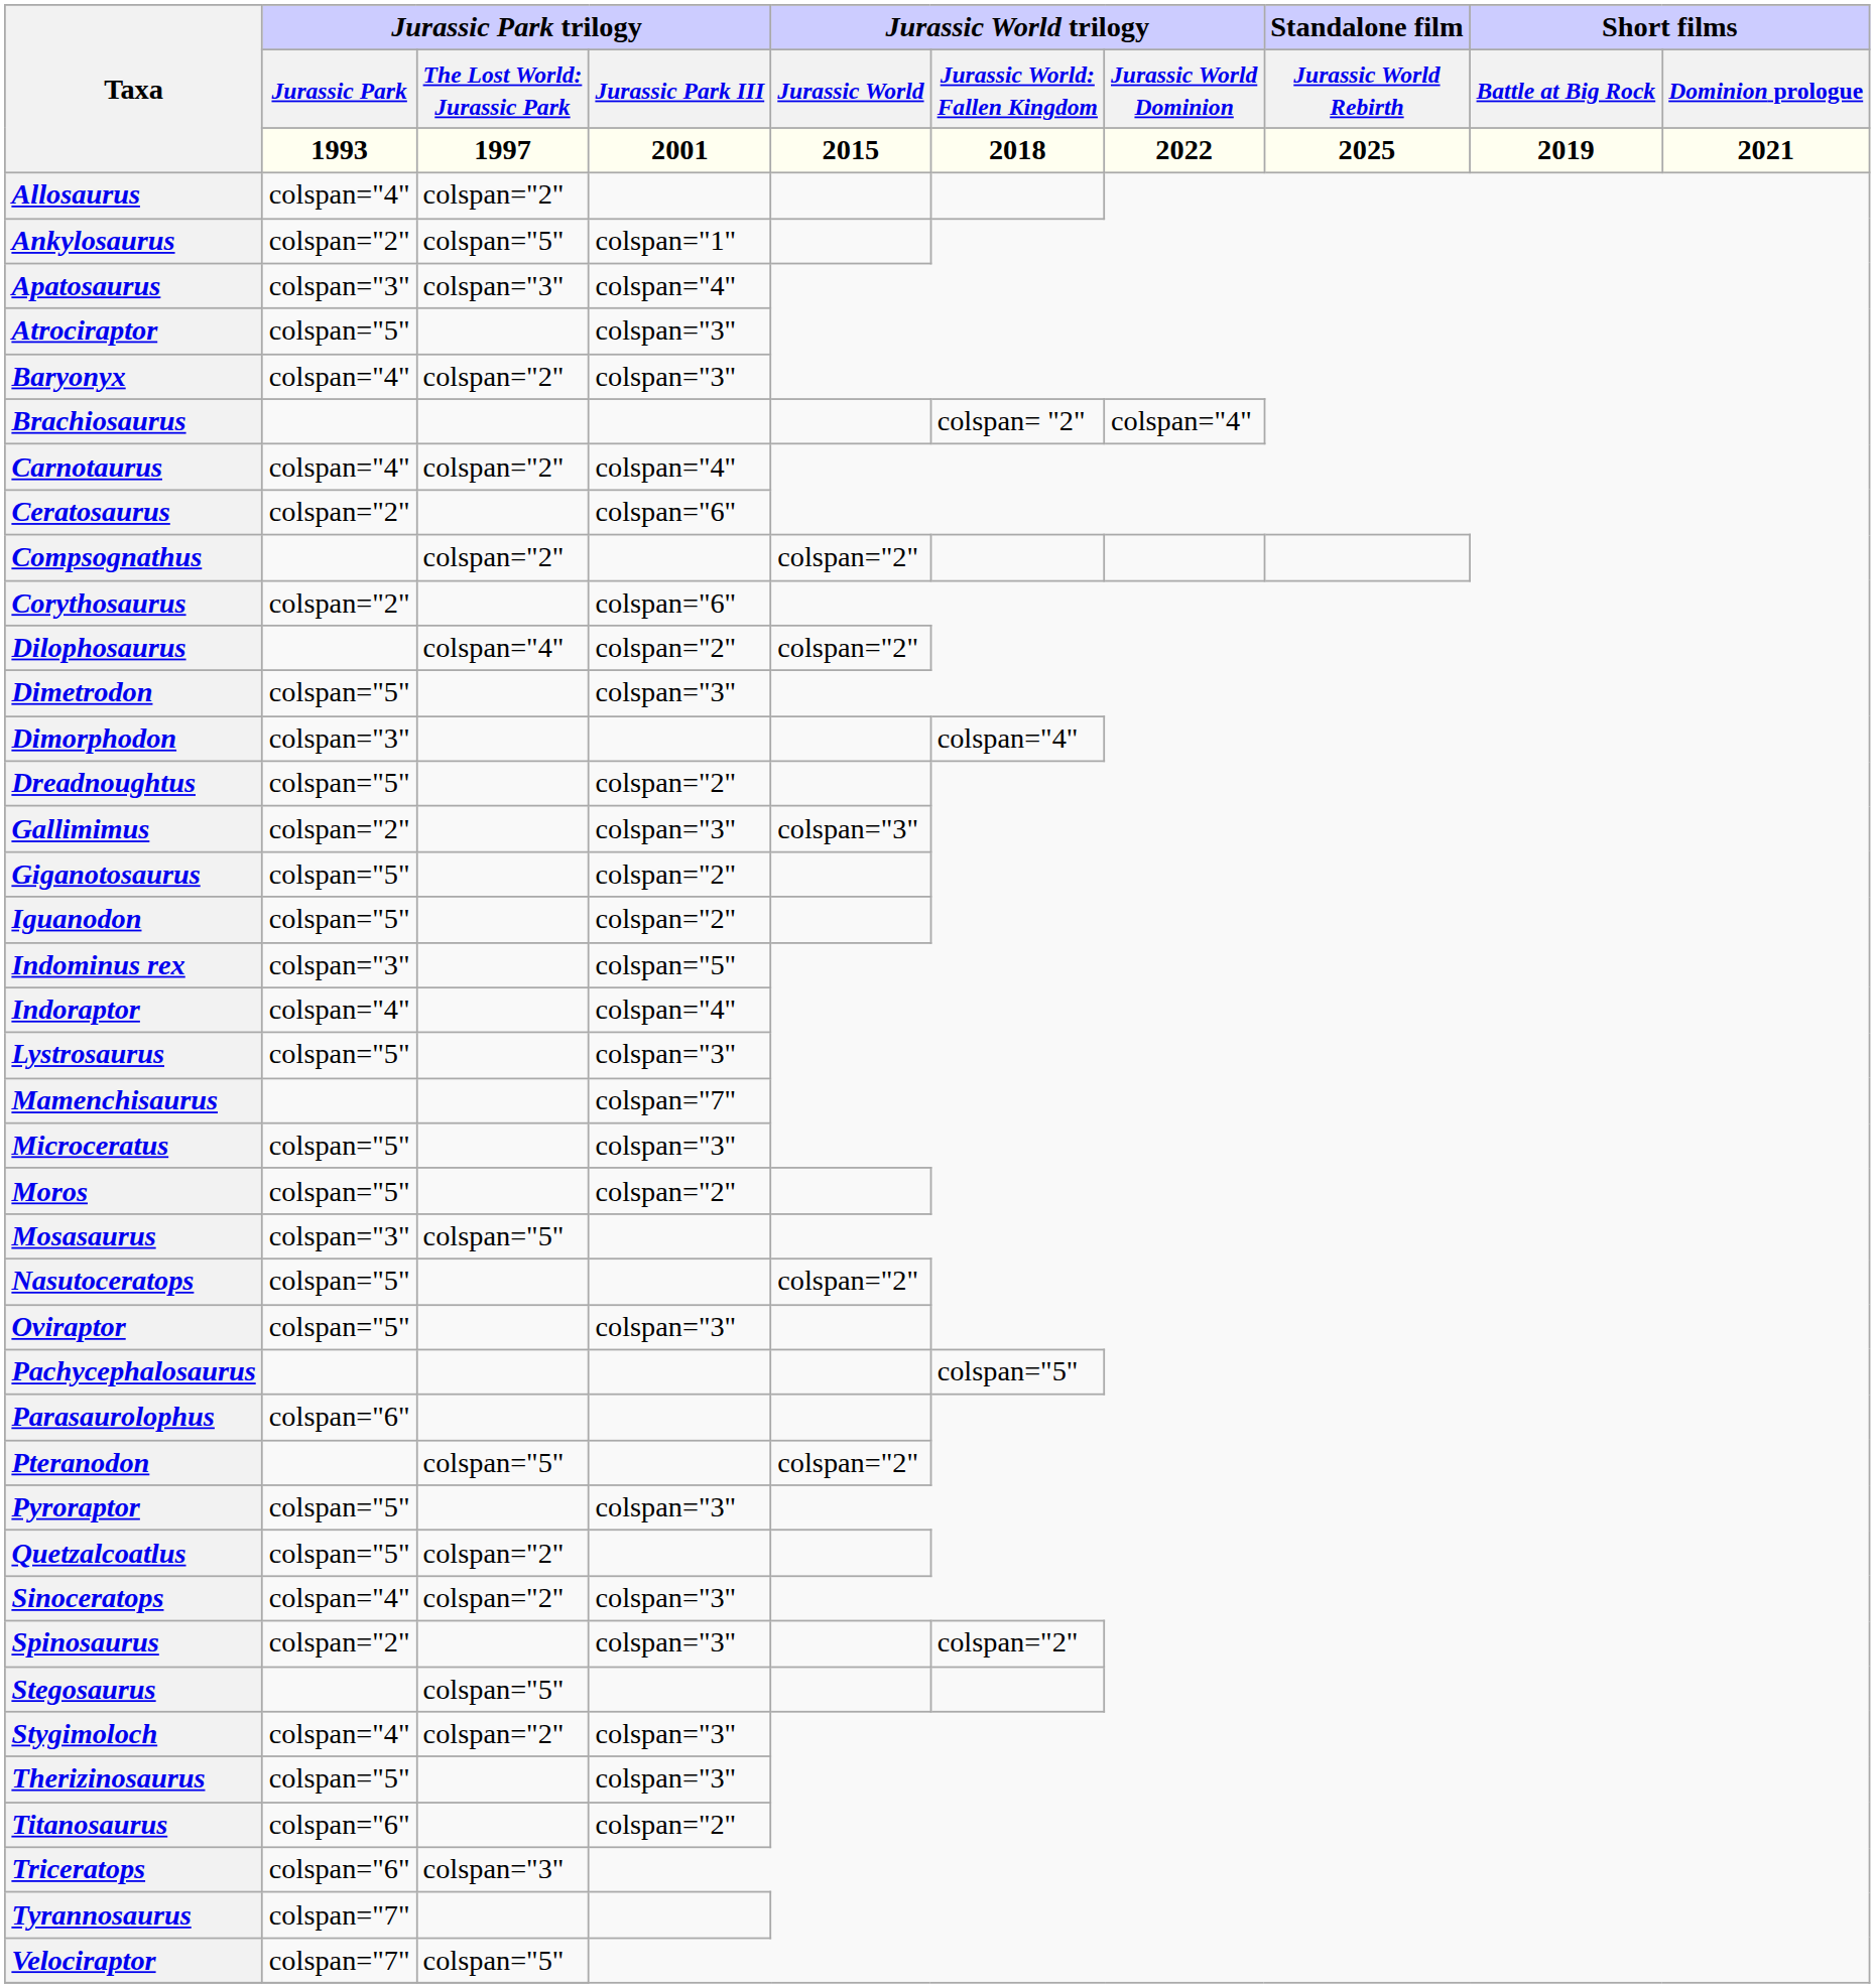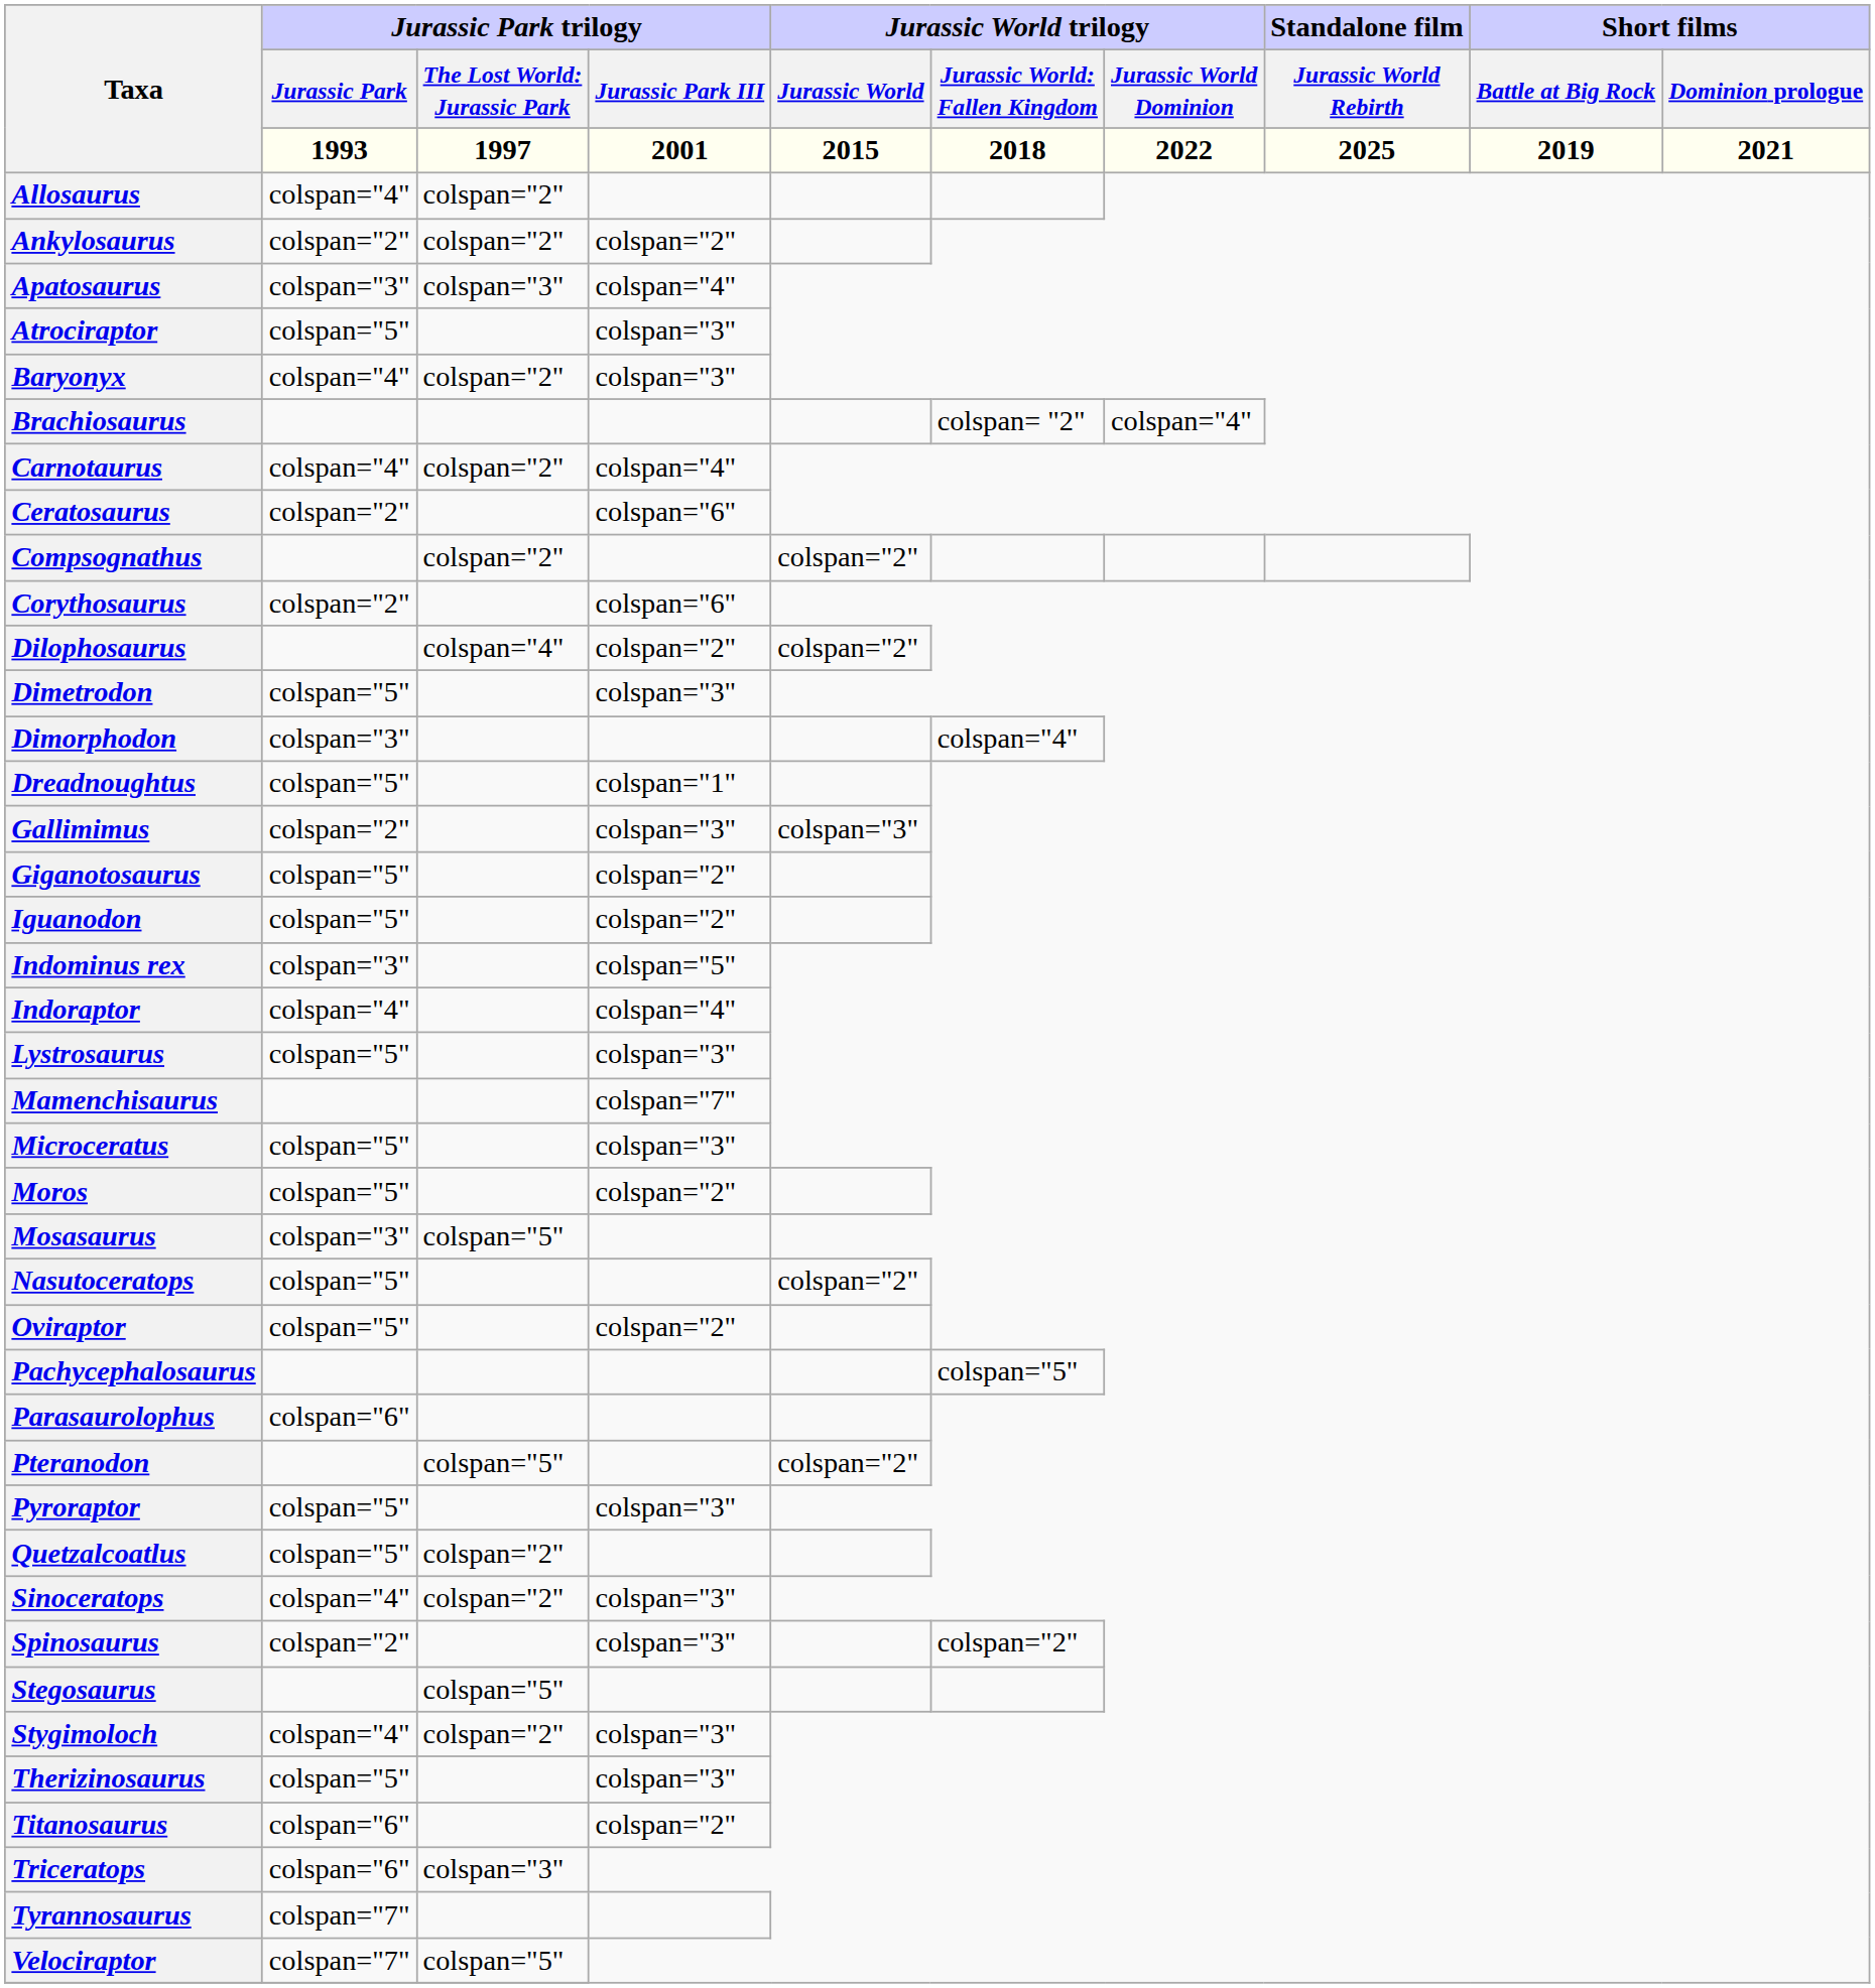 <table class="wikitable sortable">
 <tr>
 <th rowspan="3">Taxa</th>
 <th colspan="3" align="center" style="background-color:#ccccff;"><em>Jurassic Park</em> trilogy</th>
 <th colspan="3" align="center" style="background-color:#ccccff;"><em>Jurassic World</em> trilogy</th>
 <th colspan="1" align="center" style="background-color:#ccccff;">Standalone film</th>
 <th colspan="2" align="center" style="background-color:#ccccff;">Short films<br></th>
 </tr>
 <tr>
 <th align="center"><small><a href='#'><em>Jurassic Park</em></a></small></th>
 <th align="center"><small><a href='#'><em>The Lost World:<br>Jurassic Park</em></a></small></th>
 <th align="center"><small><em><a href='#'>Jurassic Park III</a></em></small></th>
 <th align="center"><small><em><a href='#'>Jurassic World</a></em></small></th>
 <th align="center"><small><a href='#'><em>Jurassic World:<br>Fallen Kingdom</em></a></small></th>
 <th align="center"><small><a href='#'><em>Jurassic World<br>Dominion</em></a></small></th>
 <th align="center"><small><a href='#'><em>Jurassic World<br>Rebirth</em></a></small></th>
 <th align="center"><small><em><a href='#'>Battle at Big Rock</a></em></small></th>
 <th align="center"><small><a href='#'><em>Dominion</em> prologue</a></small></th>
 </tr>
 <tr>
 <th style="background:ivory;">1993</th>
 <th style="background:ivory;">1997</th>
 <th style="background:ivory;">2001</th>
 <th style="background:ivory;">2015</th>
 <th style="background:ivory;">2018</th>
 <th style="background:ivory;">2022</th>
 <th style="background:ivory;">2025</th>
 <th style="background:ivory;">2019</th>
 <th style="background:ivory;">2021</th>
 </tr>
 <tr>
 <th style="text-align: left"><em><a href='#'>Allosaurus</a></em></th>
 <td>colspan="4" </td>
 <td>colspan="2" </td>
 <td></td>
 <td></td>
 <td></td>
 </tr>
 <tr>
 <th style="text-align: left"><em><a href='#'>Ankylosaurus</a></em></th>
 <td>colspan="2" </td>
-<td>colspan="5" </td>
-<td>colspan="1" </td>
+<td>colspan="2" </td>
+<td>colspan="2" </td>
 <td></td>
 </tr>
 <tr>
 <th style="text-align: left"><em><a href='#'>Apatosaurus</a></em></th>
 <td>colspan="3" </td>
 <td>colspan="3" </td>
 <td>colspan="4" </td>
 </tr>
 <tr>
 <th style="text-align: left"><em><a href='#'>Atrociraptor</a></em></th>
 <td>colspan="5" </td>
 <td></td>
 <td>colspan="3" </td>
 </tr>
 <tr>
 <th style="text-align: left"><em><a href='#'>Baryonyx</a></em></th>
 <td>colspan="4" </td>
 <td>colspan="2" </td>
 <td>colspan="3" </td>
 </tr>
 <tr>
 <th style="text-align: left"><em><a href='#'>Brachiosaurus</a></em></th>
 <td></td>
 <td></td>
 <td></td>
 <td></td>
 <td>colspan= "2" </td>
 <td>colspan="4" </td>
 </tr>
 <tr>
 <th style="text-align: left"><em><a href='#'>Carnotaurus</a></em></th>
 <td>colspan="4" </td>
 <td>colspan="2" </td>
 <td>colspan="4" </td>
 </tr>
 <tr>
 <th style="text-align: left"><em><a href='#'>Ceratosaurus</a></em></th>
 <td>colspan="2" </td>
 <td></td>
 <td>colspan="6" </td>
 </tr>
 <tr>
 <th style="text-align: left"><em><a href='#'>Compsognathus</a></em></th>
 <td></td>
 <td>colspan="2" </td>
 <td></td>
 <td>colspan="2" </td>
 <td></td>
 <td></td>
 <td></td>
 </tr>
 <tr>
 <th style="text-align: left"><em><a href='#'>Corythosaurus</a></em></th>
 <td>colspan="2" </td>
 <td></td>
 <td>colspan="6" </td>
 </tr>
 <tr>
 <th style="text-align: left"><em><a href='#'>Dilophosaurus</a></em></th>
 <td></td>
 <td>colspan="4" </td>
 <td>colspan="2" </td>
 <td>colspan="2" </td>
 </tr>
 <tr>
 <th style="text-align: left"><em><a href='#'>Dimetrodon</a></em></th>
 <td>colspan="5" </td>
 <td></td>
 <td>colspan="3" </td>
 </tr>
 <tr>
 <th style="text-align: left"><em><a href='#'>Dimorphodon</a></em></th>
 <td>colspan="3" </td>
 <td></td>
 <td></td>
 <td></td>
 <td>colspan="4" </td>
 </tr>
 <tr>
 <th style="text-align: left"><em><a href='#'>Dreadnoughtus</a></em></th>
 <td>colspan="5" </td>
 <td></td>
-<td>colspan="2" </td>
+<td>colspan="1" </td>
 <td></td>
 </tr>
 <tr>
 <th style="text-align: left"><em><a href='#'>Gallimimus</a></em></th>
 <td>colspan="2" </td>
 <td></td>
 <td>colspan="3" </td>
 <td>colspan="3" </td>
 </tr>
 <tr>
 <th style="text-align: left"><em><a href='#'>Giganotosaurus</a></em></th>
 <td>colspan="5" </td>
 <td></td>
 <td>colspan="2" </td>
 <td></td>
 </tr>
 <tr>
 <th style="text-align: left"><em><a href='#'>Iguanodon</a></em></th>
 <td>colspan="5" </td>
 <td></td>
 <td>colspan="2" </td>
 <td></td>
 </tr>
 <tr>
 <th style="text-align: left"><em><a href='#'>Indominus rex</a></em></th>
 <td>colspan="3" </td>
 <td></td>
 <td>colspan="5" </td>
 </tr>
 <tr>
 <th style="text-align: left"><a href='#'><em>Indoraptor</em></a></th>
 <td>colspan="4" </td>
 <td></td>
 <td>colspan="4" </td>
 </tr>
 <tr>
 <th style="text-align: left"><em><a href='#'>Lystrosaurus</a></em></th>
 <td>colspan="5" </td>
 <td></td>
 <td>colspan="3" </td>
 </tr>
 <tr>
 <th style="text-align: left"><em><a href='#'>Mamenchisaurus</a></em></th>
 <td></td>
 <td></td>
 <td>colspan="7" </td>
 </tr>
 <tr>
 <th style="text-align: left"><em><a href='#'>Microceratus</a></em></th>
 <td>colspan="5" </td>
 <td></td>
 <td>colspan="3" </td>
 </tr>
 <tr>
 <th style="text-align: left"><em><a href='#'>Moros</a></em></th>
 <td>colspan="5" </td>
 <td></td>
 <td>colspan="2" </td>
 <td></td>
 </tr>
 <tr>
 <th style="text-align: left"><em><a href='#'>Mosasaurus</a></em></th>
 <td>colspan="3" </td>
 <td>colspan="5" </td>
 <td></td>
 </tr>
 <tr>
 <th style="text-align: left"><em><a href='#'>Nasutoceratops</a></em></th>
 <td>colspan="5" </td>
 <td></td>
 <td></td>
 <td>colspan="2" </td>
 </tr>
 <tr>
 <th style="text-align: left"><em><a href='#'>Oviraptor</a></em></th>
 <td>colspan="5" </td>
 <td></td>
-<td>colspan="3" </td>
+<td>colspan="2" </td>
 <td></td>
 </tr>
 <tr>
 <th style="text-align: left"><em><a href='#'>Pachycephalosaurus</a></em></th>
 <td></td>
 <td></td>
 <td></td>
 <td></td>
 <td>colspan="5" </td>
 </tr>
 <tr>
 <th style="text-align: left"><em><a href='#'>Parasaurolophus</a></em></th>
 <td>colspan="6" </td>
 <td></td>
 <td></td>
 <td></td>
 </tr>
 <tr>
 <th style="text-align: left"><em><a href='#'>Pteranodon</a></em></th>
 <td></td>
 <td>colspan="5" </td>
 <td></td>
 <td>colspan="2" </td>
 </tr>
 <tr>
 <th style="text-align: left"><em><a href='#'>Pyroraptor</a></em></th>
 <td>colspan="5" </td>
 <td></td>
 <td>colspan="3" </td>
 </tr>
 <tr>
 <th style="text-align: left"><em><a href='#'>Quetzalcoatlus</a></em></th>
 <td>colspan="5" </td>
 <td>colspan="2" </td>
 <td></td>
 <td></td>
 </tr>
 <tr>
 <th style="text-align: left"><em><a href='#'>Sinoceratops</a></em></th>
 <td>colspan="4" </td>
 <td>colspan="2" </td>
 <td>colspan="3" </td>
 </tr>
 <tr>
 <th style="text-align: left"><em><a href='#'>Spinosaurus</a></em></th>
 <td>colspan="2" </td>
 <td></td>
 <td>colspan="3" </td>
 <td></td>
 <td>colspan="2" </td>
 </tr>
 <tr>
 <th style="text-align: left"><em><a href='#'>Stegosaurus</a></em></th>
 <td></td>
 <td>colspan="5" </td>
 <td></td>
 <td></td>
 <td></td>
 </tr>
 <tr>
 <th style="text-align: left"><em><a href='#'>Stygimoloch</a></em></th>
 <td>colspan="4" </td>
 <td>colspan="2" </td>
 <td>colspan="3" </td>
 </tr>
 <tr>
 <th style="text-align: left"><em><a href='#'>Therizinosaurus</a></em></th>
 <td>colspan="5" </td>
 <td></td>
 <td>colspan="3" </td>
 </tr>
 <tr>
 <th style="text-align: left"><em><a href='#'>Titanosaurus</a></em></th>
 <td>colspan="6" </td>
 <td></td>
 <td>colspan="2" </td>
 </tr>
 <tr>
 <th style="text-align: left"><em><a href='#'>Triceratops</a></em></th>
 <td>colspan="6" </td>
 <td>colspan="3" </td>
 </tr>
 <tr>
 <th style="text-align: left"><em><a href='#'>Tyrannosaurus</a></em></th>
 <td>colspan="7" </td>
 <td></td>
 <td></td>
 </tr>
 <tr>
 <th style="text-align: left"><em><a href='#'>Velociraptor</a></em></th>
 <td>colspan="7" </td>
 <td>colspan="5" </td>
 </tr>
 <tr>
 </tr>
 </table>
